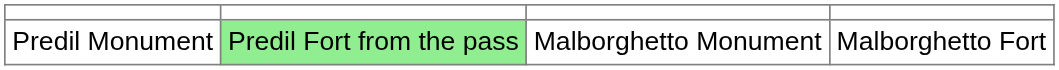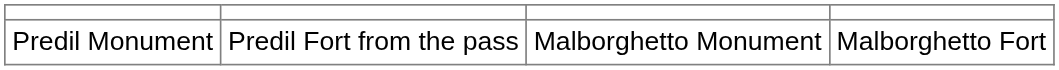 <table cellpadding="4" cellspacing="2" border="1" style="border-collapse:collapse;">
 <tr>
 <td></td>
 <td></td>
 <td></td>
 <td></td>
 </tr>
 <tr>
 <td>Predil Monument</td>
-<td style="background: lightgreen;">Predil Fort from the pass</td>
+<td>Predil Fort from the pass</td>
 <td>Malborghetto Monument</td>
 <td>Malborghetto Fort</td>
 </tr>
 </table>
